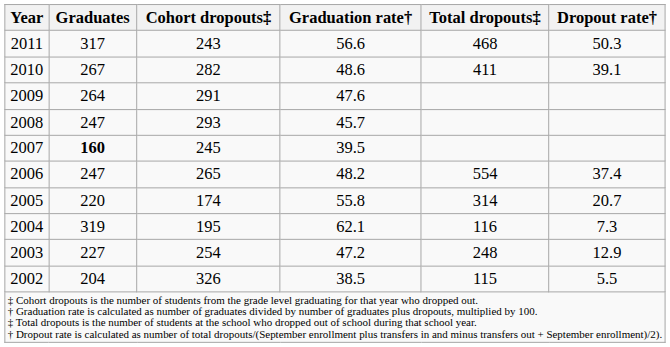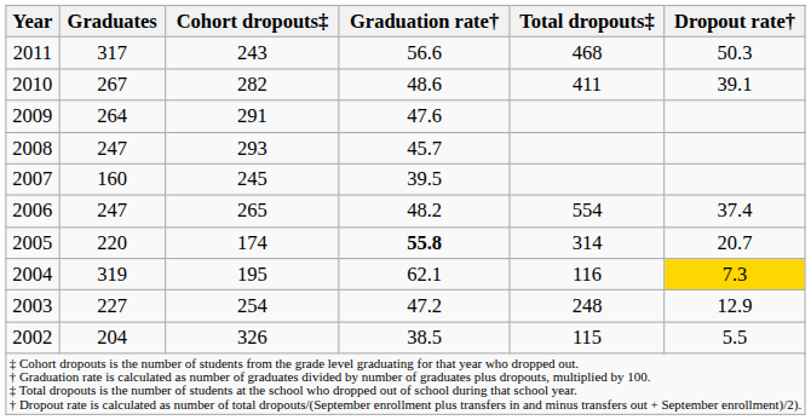 <table class="wikitable collapsible sortable" style="margin: 1em auto 1em auto;">
 <tr align="center">
 <th>Year</th>
 <th>Graduates</th>
 <th>Cohort dropouts‡</th>
 <th>Graduation rate†</th>
 <th>Total dropouts‡</th>
 <th>Dropout rate†</th>
 </tr>
 <tr align="center">
 <td>2011</td>
 <td>317</td>
 <td>243</td>
 <td>56.6</td>
 <td>468</td>
 <td>50.3</td>
 </tr>
 <tr align="center">
 <td>2010</td>
 <td>267</td>
 <td>282</td>
 <td>48.6</td>
 <td>411</td>
 <td>39.1</td>
 </tr>
 <tr align="center">
 <td>2009</td>
 <td>264</td>
 <td>291</td>
 <td>47.6</td>
 <td></td>
 <td></td>
 </tr>
 <tr align="center">
 <td>2008</td>
 <td>247</td>
 <td>293</td>
 <td>45.7</td>
 <td></td>
 <td></td>
 </tr>
 <tr align="center">
 <td>2007</td>
-<td><strong>160</strong></td>
+<td>160</td>
 <td>245</td>
 <td>39.5</td>
 <td></td>
 <td></td>
 </tr>
 <tr align="center">
 <td>2006</td>
 <td>247</td>
 <td>265</td>
 <td>48.2</td>
 <td>554</td>
 <td>37.4</td>
 </tr>
 <tr align="center">
 <td>2005</td>
 <td>220</td>
 <td>174</td>
-<td>55.8</td>
+<td><strong>55.8</strong></td>
 <td>314</td>
 <td>20.7</td>
 </tr>
 <tr align="center">
 <td>2004</td>
 <td>319</td>
 <td>195</td>
 <td>62.1</td>
 <td>116</td>
-<td>7.3</td>
+<td style="background: gold;">7.3</td>
 </tr>
 <tr align="center">
 <td>2003</td>
 <td>227</td>
 <td>254</td>
 <td>47.2</td>
 <td>248</td>
 <td>12.9</td>
 </tr>
 <tr align="center">
 <td>2002</td>
 <td>204</td>
 <td>326</td>
 <td>38.5</td>
 <td>115</td>
 <td>5.5</td>
 </tr>
 <tr class="sortbottom">
 <td colspan="6" style="font-size: 8pt">‡ Cohort dropouts is the number of students from the grade level graduating for that year who dropped out. <br> † Graduation rate is calculated as number of graduates divided by number of graduates plus dropouts, multiplied by 100. <br> ‡ Total dropouts is the number of students at the school who dropped out of school during that school year. <br> † Dropout rate is calculated as number of total dropouts/(September enrollment plus transfers in and minus transfers out + September enrollment)/2).</td>
 </tr>
 </table>
